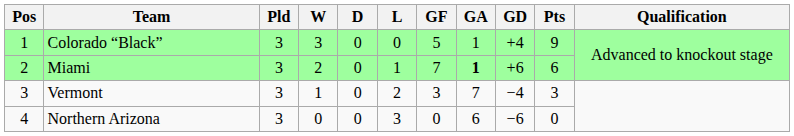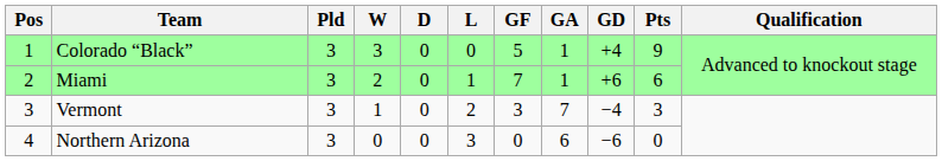 <table class="wikitable" style="text-align:center; margin: 1em auto">
 <tr>
 <th style="width:2em">Pos</th>
 <th style="width:13em">Team</th>
 <th style="width:2em">Pld</th>
 <th style="width:2em">W</th>
 <th style="width:2em">D</th>
 <th style="width:2em">L</th>
 <th style="width:2em">GF</th>
 <th style="width:2em">GA</th>
 <th style="width:2em">GD</th>
 <th style="width:2em">Pts</th>
 <th style="width:13em">Qualification</th>
 </tr>
 <tr bgcolor="#9eff9e">
 <td>1</td>
 <td style="text-align:left">Colorado “Black”</td>
 <td>3</td>
 <td>3</td>
 <td>0</td>
 <td>0</td>
 <td>5</td>
 <td>1</td>
 <td>+4</td>
 <td>9</td>
 <td rowspan="2">Advanced to knockout stage</td>
 </tr>
 <tr bgcolor="#9eff9e">
 <td>2</td>
 <td style="text-align:left">Miami</td>
 <td>3</td>
 <td>2</td>
 <td>0</td>
 <td>1</td>
 <td>7</td>
-<td><strong>1</strong></td>
+<td>1</td>
 <td>+6</td>
 <td>6</td>
 </tr>
 <tr>
 <td>3</td>
 <td style="text-align:left">Vermont</td>
 <td>3</td>
 <td>1</td>
 <td>0</td>
 <td>2</td>
 <td>3</td>
 <td>7</td>
 <td>−4</td>
 <td>3</td>
 </tr>
 <tr>
 <td>4</td>
 <td style="text-align:left">Northern Arizona</td>
 <td>3</td>
 <td>0</td>
 <td>0</td>
 <td>3</td>
 <td>0</td>
 <td>6</td>
 <td>−6</td>
 <td>0</td>
 </tr>
 </table>
